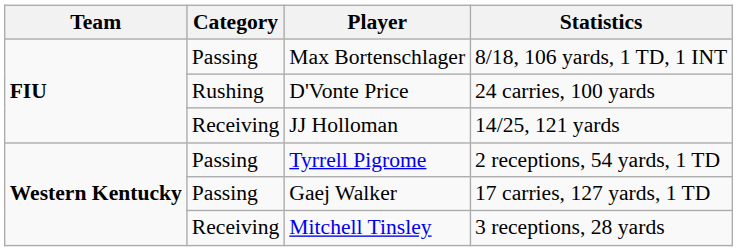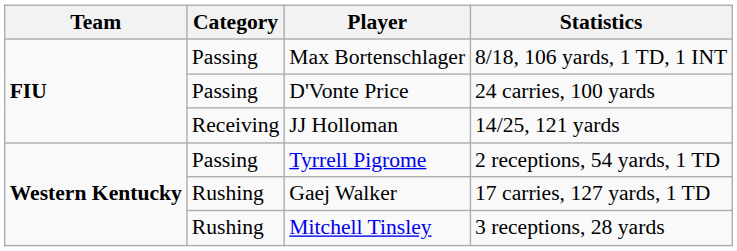 <table class="wikitable" style="float: left;">
 <tr>
 <th>Team</th>
 <th>Category</th>
 <th>Player</th>
 <th>Statistics</th>
 </tr>
 <tr>
 <td rowspan=3><strong>FIU</strong></td>
 <td>Passing</td>
 <td>Max Bortenschlager</td>
 <td>8/18, 106 yards, 1 TD, 1 INT</td>
 </tr>
 <tr>
-<td>Rushing</td>
+<td>Passing</td>
 <td>D'Vonte Price</td>
 <td>24 carries, 100 yards</td>
 </tr>
 <tr>
 <td>Receiving</td>
 <td>JJ Holloman</td>
 <td>14/25, 121 yards</td>
 </tr>
 <tr>
 <td rowspan=3><strong>Western Kentucky</strong></td>
 <td>Passing</td>
 <td><a href='#'>Tyrrell Pigrome</a></td>
 <td>2 receptions, 54 yards, 1 TD</td>
 </tr>
 <tr>
-<td>Passing</td>
+<td>Rushing</td>
 <td>Gaej Walker</td>
 <td>17 carries, 127 yards, 1 TD</td>
 </tr>
 <tr>
-<td>Receiving</td>
+<td>Rushing</td>
 <td><a href='#'>Mitchell Tinsley</a></td>
 <td>3 receptions, 28 yards</td>
 </tr>
 </table>
